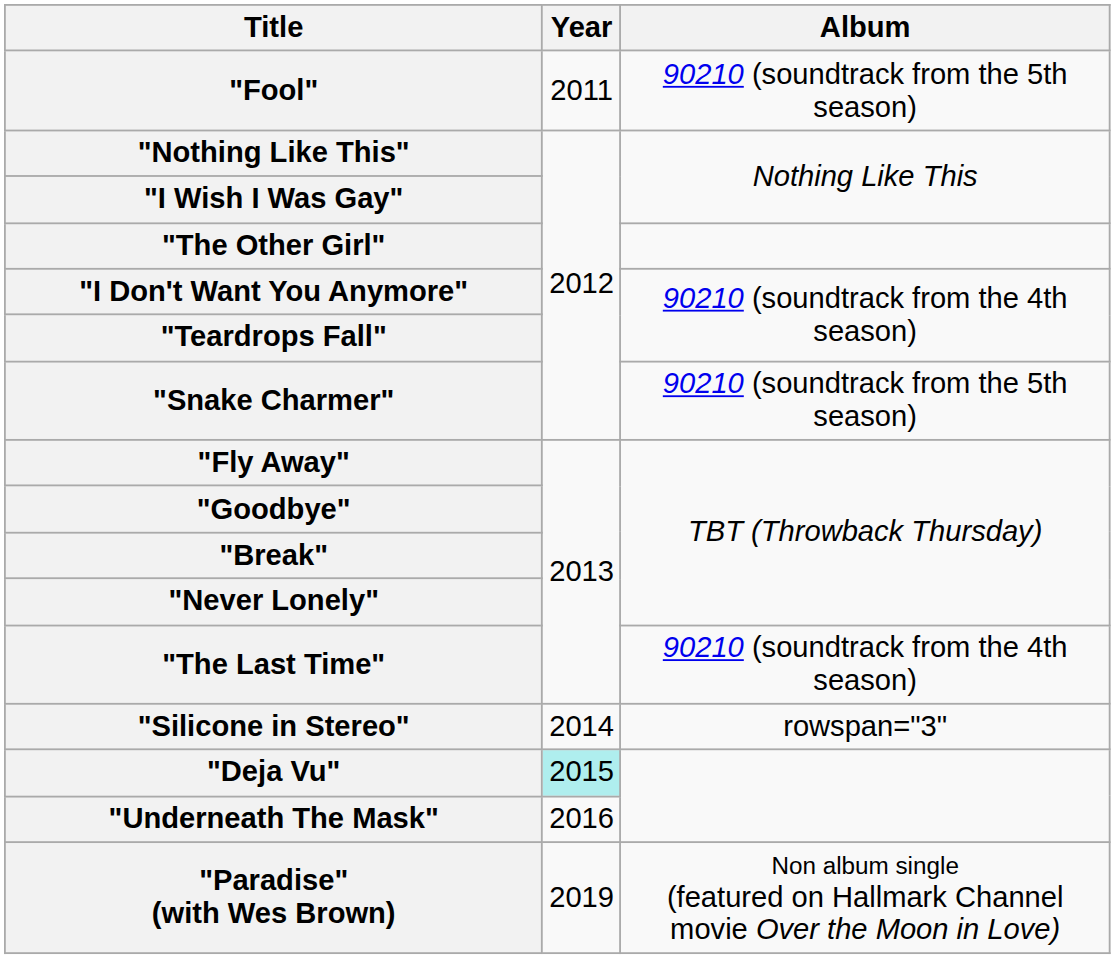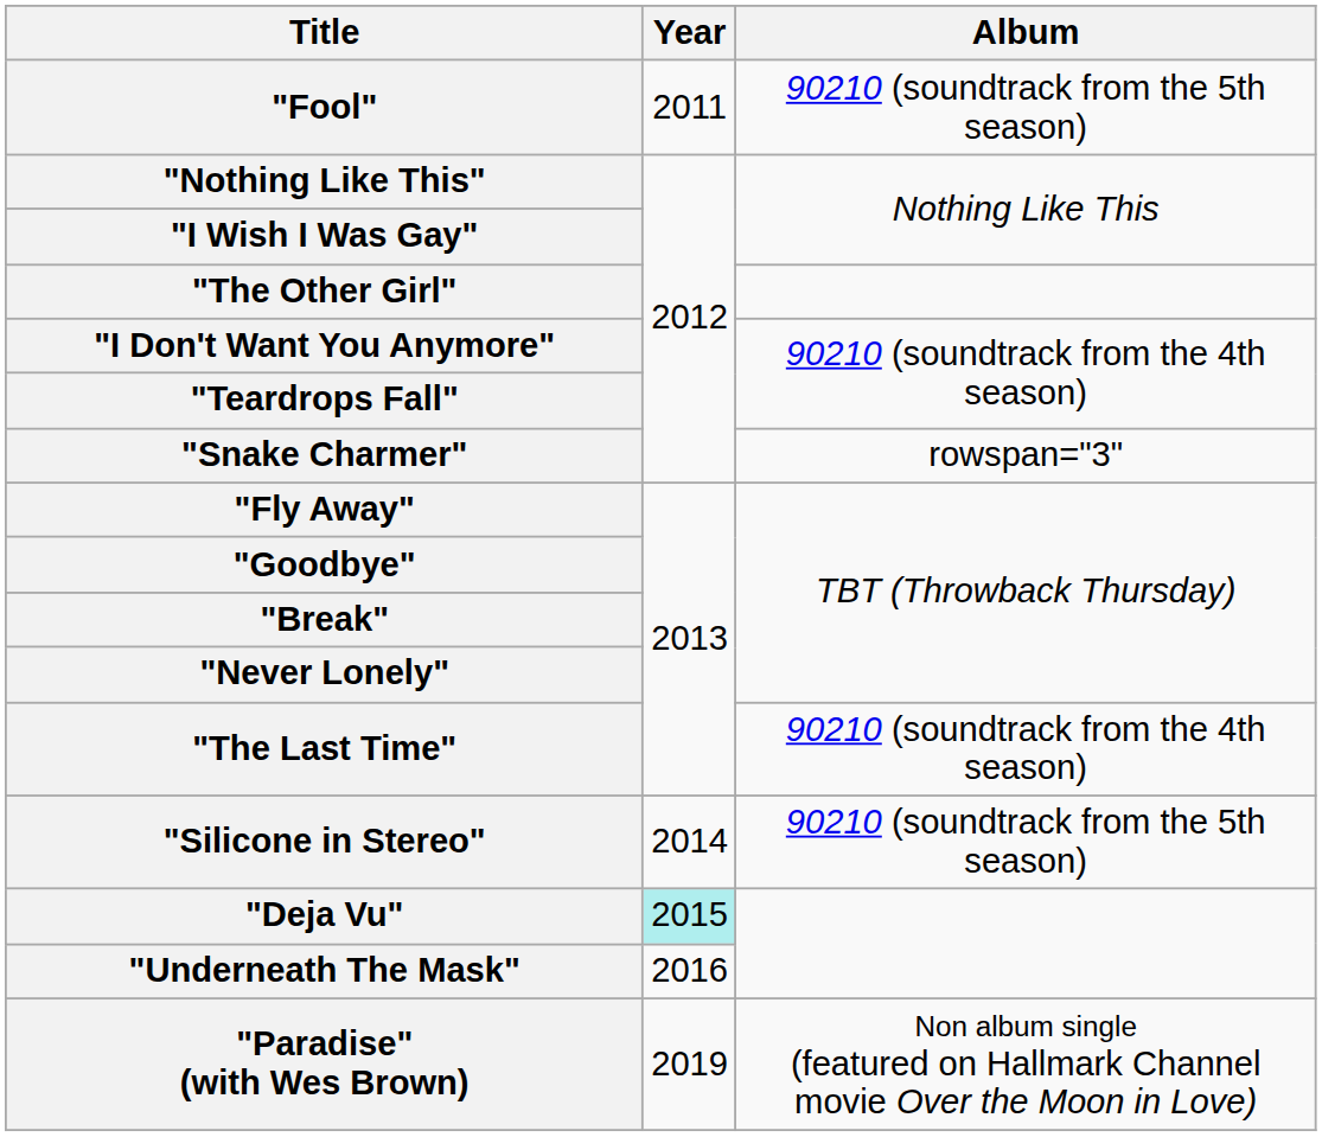 <table class="wikitable plainrowheaders" style="text-align:center;">
 <tr>
 <th scope="col" style="width:18em;">Title</th>
 <th scope="col">Year</th>
 <th scope="col">Album</th>
 </tr>
 <tr>
 <th scope="row">"Fool"</th>
 <td>2011</td>
 <td><em><a href='#'>90210</a></em> (soundtrack from the 5th season)</td>
 </tr>
 <tr>
 <th scope="row">"Nothing Like This"</th>
 <td rowspan="6">2012</td>
 <td rowspan="2"><em>Nothing Like This</em></td>
 </tr>
 <tr>
 <th scope="row">"I Wish I Was Gay"</th>
 </tr>
 <tr>
 <th scope ="row">"The Other Girl"</th>
 <td></td>
 </tr>
 <tr>
 <th scope="row">"I Don't Want You Anymore"</th>
 <td rowspan="2"><em><a href='#'>90210</a></em> (soundtrack from the 4th season)</td>
 </tr>
 <tr>
 <th scope="row">"Teardrops Fall"</th>
 </tr>
 <tr>
 <th scope="row">"Snake Charmer"</th>
-<td><em><a href='#'>90210</a></em> (soundtrack from the 5th season)</td>
+<td>rowspan="3" </td>
 </tr>
 <tr>
 <th scope="row">"Fly Away"</th>
 <td rowspan="5">2013</td>
 <td rowspan ="4"><em>TBT (Throwback Thursday)</em></td>
 </tr>
 <tr>
 <th scope="row">"Goodbye"</th>
 </tr>
 <tr>
 <th scope="row">"Break"</th>
 </tr>
 <tr>
 <th scope="row">"Never Lonely"</th>
 </tr>
 <tr>
 <th scope="row">"The Last Time"</th>
 <td><em><a href='#'>90210</a></em> (soundtrack from the 4th season)</td>
 </tr>
 <tr>
 <th scope="row">"Silicone in Stereo"</th>
 <td>2014</td>
-<td>rowspan="3" </td>
+<td><em><a href='#'>90210</a></em> (soundtrack from the 5th season)</td>
 </tr>
 <tr>
 <th scope="row">"Deja Vu"</th>
 <td style="background: paleturquoise;">2015</td>
 </tr>
 <tr>
 <th scope="row">"Underneath The Mask"</th>
 <td>2016</td>
 </tr>
 <tr>
 <th>"Paradise"<br>(with Wes Brown)</th>
 <td>2019</td>
 <td><small>Non album single</small><br>(featured on Hallmark Channel movie <em>Over the Moon in Love)</em></td>
 </tr>
 </table>
